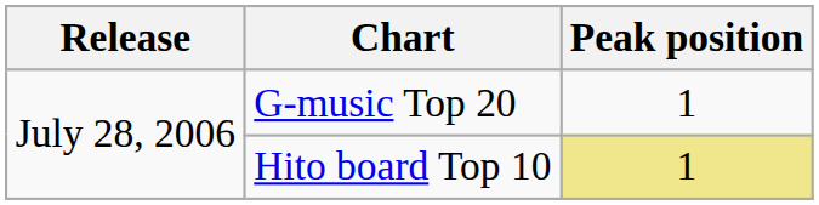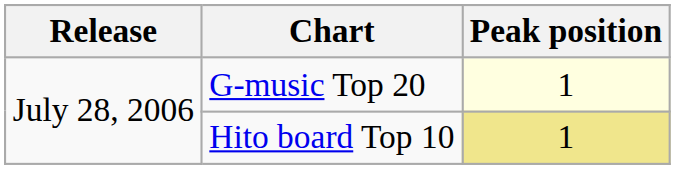 <table class="wikitable">
 <tr>
 <th>Release</th>
 <th>Chart</th>
 <th>Peak position</th>
 </tr>
 <tr>
 <td rowspan=2>July 28, 2006</td>
 <td><a href='#'>G-music</a> Top 20</td>
-<td style="text-align:center;">1</td>
+<td style="background: lightyellow; text-align:center;">1</td>
 </tr>
 <tr>
 <td><a href='#'>Hito board</a> Top 10</td>
 <td style="background: khaki; text-align:center;">1</td>
 </tr>
 </table>
